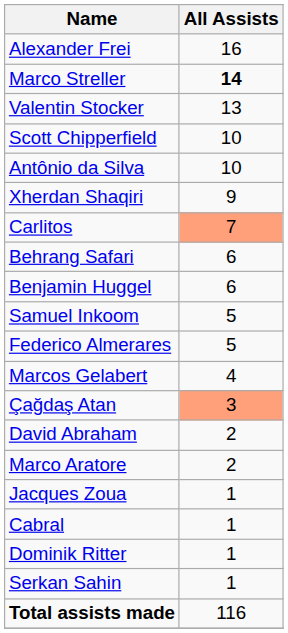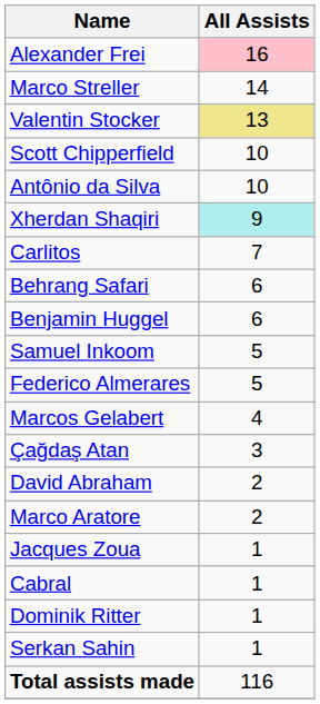 <table class="wikitable">
 <tr>
 <th>Name</th>
 <th>All Assists</th>
 </tr>
 <tr>
 <td> <a href='#'>Alexander Frei</a></td>
-<td style="text-align:center;">16</td>
+<td style="background: pink; text-align:center;">16</td>
 </tr>
 <tr>
 <td> <a href='#'>Marco Streller</a></td>
-<td style="text-align:center;"><strong>14</strong></td>
+<td style="text-align:center;">14</td>
 </tr>
 <tr>
 <td> <a href='#'>Valentin Stocker</a></td>
-<td style="text-align:center;">13</td>
+<td style="background: khaki; text-align:center;">13</td>
 </tr>
 <tr>
 <td> <a href='#'>Scott Chipperfield</a></td>
 <td style="text-align:center;">10</td>
 </tr>
 <tr>
 <td> <a href='#'>Antônio da Silva</a></td>
 <td style="text-align:center;">10</td>
 </tr>
 <tr>
 <td> <a href='#'>Xherdan Shaqiri</a></td>
-<td style="text-align:center;">9</td>
+<td style="background: paleturquoise; text-align:center;">9</td>
 </tr>
 <tr>
 <td> <a href='#'>Carlitos</a></td>
-<td style="background: lightsalmon; text-align:center;">7</td>
+<td style="text-align:center;">7</td>
 </tr>
 <tr>
 <td> <a href='#'>Behrang Safari</a></td>
 <td style="text-align:center;">6</td>
 </tr>
 <tr>
 <td> <a href='#'>Benjamin Huggel</a></td>
 <td style="text-align:center;">6</td>
 </tr>
 <tr>
 <td> <a href='#'>Samuel Inkoom</a></td>
 <td style="text-align:center;">5</td>
 </tr>
 <tr>
 <td> <a href='#'>Federico Almerares</a></td>
 <td style="text-align:center;">5</td>
 </tr>
 <tr>
 <td> <a href='#'>Marcos Gelabert</a></td>
 <td style="text-align:center;">4</td>
 </tr>
 <tr>
 <td> <a href='#'>Çağdaş Atan</a></td>
-<td style="background: lightsalmon; text-align:center;">3</td>
+<td style="text-align:center;">3</td>
 </tr>
 <tr>
 <td> <a href='#'>David Abraham</a></td>
 <td style="text-align:center;">2</td>
 </tr>
 <tr>
 <td> <a href='#'>Marco Aratore</a></td>
 <td style="text-align:center;">2</td>
 </tr>
 <tr>
 <td> <a href='#'>Jacques Zoua</a></td>
 <td style="text-align:center;">1</td>
 </tr>
 <tr>
 <td> <a href='#'>Cabral</a></td>
 <td style="text-align:center;">1</td>
 </tr>
 <tr>
 <td> <a href='#'>Dominik Ritter</a></td>
 <td style="text-align:center;">1</td>
 </tr>
 <tr>
 <td> <a href='#'>Serkan Sahin</a></td>
 <td style="text-align:center;">1</td>
 </tr>
 <tr>
 <td><strong>Total assists made</strong></td>
 <td style="text-align:center;">116</td>
 </tr>
 <tr>
 </tr>
 </table>
